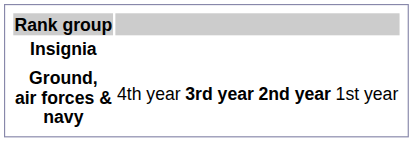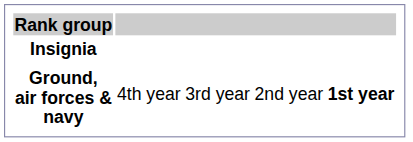 <table style="border:1px solid #8888aa; background:#fff; padding:5px; font-size:95%; margin:0 12px 12px 0;">
 <tr style="background-color:#CCCCCC;">
 <th>Rank group</th>
 <th colspan=4></th>
 </tr>
 <tr style="text-align:center;">
 <th>Insignia</th>
 <td></td>
 <td></td>
 <td></td>
 <td></td>
 </tr>
 <tr style="text-align:center;">
 <th colspan=7></th>
 </tr>
 <tr style="text-align:center;">
 <th rowspan=2>Ground,<br>air forces &<br>navy</th>
 <td>4th year</td>
-<td><strong>3rd year</strong></td>
-<td><strong>2nd year</strong></td>
-<td>1st year</td>
+<td>3rd year</td>
+<td>2nd year</td>
+<td><strong>1st year</strong></td>
 </tr>
 <tr style="text-align:center;">
 <td colspan=4></td>
 </tr>
 </table>
